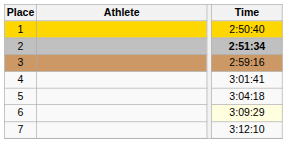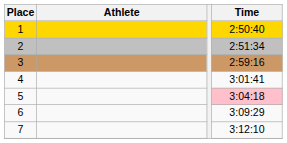 <table class="wikitable" style="text-align:center">
 <tr>
 <th>Place</th>
 <th width=250>Athlete</th>
 <th rowspan=27></th>
 <th width=100>Time</th>
 </tr>
 <tr bgcolor=gold>
 <td>1</td>
 <td align=left></td>
 <td>2:50:40</td>
 </tr>
 <tr bgcolor=silver>
 <td>2</td>
 <td align=left></td>
-<td><strong>2:51:34</strong></td>
+<td>2:51:34</td>
 </tr>
 <tr bgcolor=cc9966>
 <td>3</td>
 <td align=left></td>
 <td>2:59:16</td>
 </tr>
 <tr>
 <td>4</td>
 <td align=left></td>
 <td>3:01:41</td>
 </tr>
 <tr>
 <td>5</td>
 <td align=left></td>
-<td>3:04:18</td>
+<td style="background: pink;">3:04:18</td>
 </tr>
 <tr>
 <td>6</td>
 <td align=left></td>
-<td style="background: lightyellow;">3:09:29</td>
+<td>3:09:29</td>
 </tr>
 <tr>
 <td>7</td>
 <td align=left></td>
 <td>3:12:10</td>
 </tr>
 <tr>
 </tr>
 </table>
